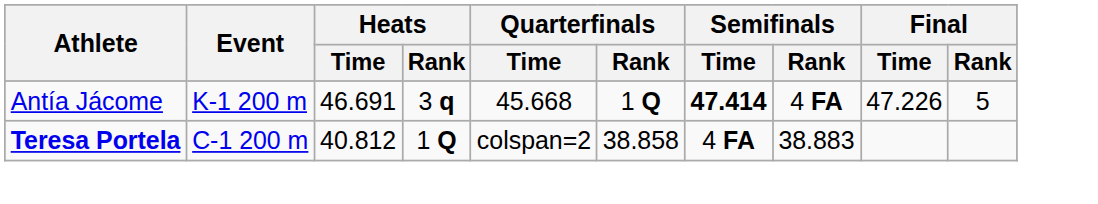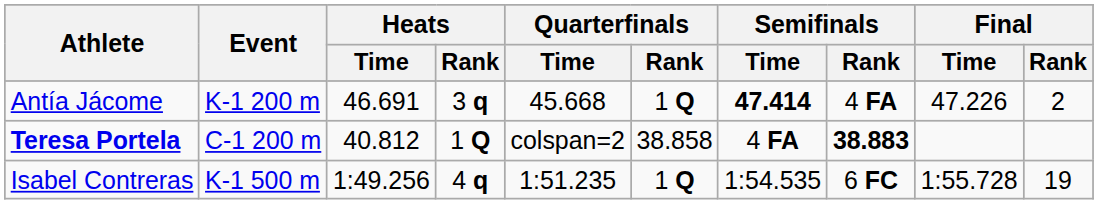 <table class=wikitable style="font-size:90%">
 <tr>
 <th rowspan="2">Athlete</th>
 <th rowspan="2">Event</th>
 <th colspan=2>Heats</th>
 <th colspan=2>Quarterfinals</th>
 <th colspan=2>Semifinals</th>
 <th colspan=2>Final</th>
 </tr>
 <tr style="font-size:95%">
 <th>Time</th>
 <th>Rank</th>
 <th>Time</th>
 <th>Rank</th>
 <th>Time</th>
 <th>Rank</th>
 <th>Time</th>
 <th>Rank</th>
 </tr>
 <tr align=center>
 <td align=left><a href='#'>Antía Jácome</a></td>
 <td align=left><a href='#'>K-1 200 m</a></td>
 <td>46.691</td>
 <td>3 <strong>q</strong></td>
 <td>45.668</td>
 <td>1 <strong>Q</strong></td>
 <td><strong>47.414</strong></td>
 <td>4 <strong>FA</strong></td>
 <td>47.226</td>
-<td>5</td>
+<td>2</td>
 </tr>
 <tr align=center>
 <td align=left><strong><a href='#'>Teresa Portela</a></strong></td>
 <td align=left><a href='#'>C-1 200 m</a></td>
 <td>40.812</td>
 <td>1 <strong>Q</strong></td>
 <td>colspan=2 </td>
 <td>38.858</td>
 <td>4 <strong>FA</strong></td>
-<td>38.883</td>
+<td><strong>38.883</strong></td>
 <td></td>
 </tr>
+<tr align=center>
+<td align=left><a href='#'>Isabel Contreras</a></td>
+<td align=left><a href='#'>K-1 500 m</a></td>
+<td>1:49.256</td>
+<td>4 <strong>q</strong></td>
+<td>1:51.235</td>
+<td>1 <strong>Q</strong></td>
+<td>1:54.535</td>
+<td>6 <strong>FC</strong></td>
+<td>1:55.728</td>
+<td>19</td>
+</tr>
 </table>
